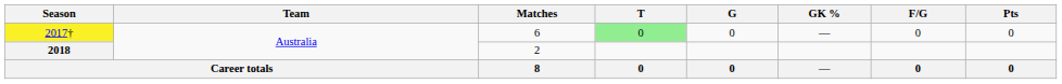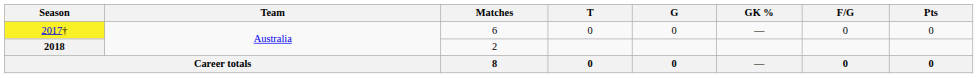 <table class="wikitable sortable"  style="font-size:90%; text-align:center; width:85%;">
 <tr>
 <th width=2%>Season</th>
 <th width=8%>Team</th>
 <th width=2%>Matches</th>
 <th width=2%>T</th>
 <th width=2%>G</th>
 <th width=2%>GK %</th>
 <th width=2%>F/G</th>
 <th width=2%>Pts</th>
 </tr>
 <tr>
 <th scope="row" style="text-align:center;background:#f9f025; font-weight:normal"><a href='#'>2017</a>†</th>
 <td rowspan="2" style="text-align:center;"> <a href='#'>Australia</a></td>
 <td>6</td>
-<td style="background: lightgreen;">0</td>
+<td>0</td>
 <td>0</td>
 <td>—</td>
 <td>0</td>
 <td>0</td>
 </tr>
 <tr>
 <th>2018</th>
 <td>2</td>
 <td></td>
 <td></td>
 <td></td>
 <td></td>
 <td></td>
 </tr>
 <tr class="sortbottom">
 <th colspan="2">Career totals</th>
 <th>8</th>
 <th>0</th>
 <th>0</th>
 <th>—</th>
 <th>0</th>
 <th>0</th>
 </tr>
 </table>
